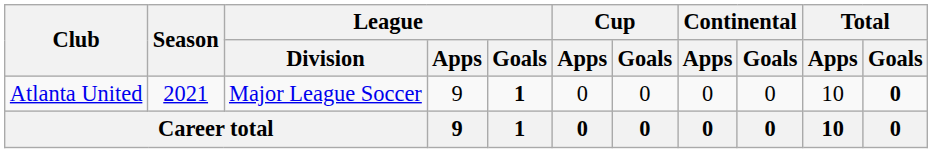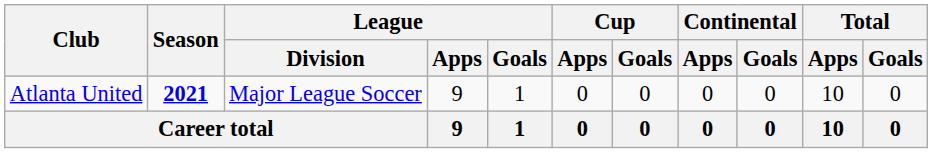 <table class=wikitable style=text-align:center>
 <tr>
 <th rowspan=2>Club</th>
 <th rowspan=2>Season</th>
 <th colspan=3>League</th>
 <th colspan=2>Cup</th>
 <th colspan=2>Continental</th>
 <th colspan=2>Total</th>
 </tr>
 <tr>
 <th>Division</th>
 <th>Apps</th>
 <th>Goals</th>
 <th>Apps</th>
 <th>Goals</th>
 <th>Apps</th>
 <th>Goals</th>
 <th>Apps</th>
 <th>Goals</th>
 </tr>
 <tr>
 <td rowspan=1><a href='#'>Atlanta United</a></td>
-<td><a href='#'>2021</a></td>
+<td><strong><a href='#'>2021</a></strong></td>
 <td><a href='#'>Major League Soccer</a></td>
 <td>9</td>
-<td><strong>1</strong></td>
+<td>1</td>
 <td>0</td>
 <td>0</td>
 <td>0</td>
 <td>0</td>
 <td>10</td>
-<td><strong>0</strong></td>
+<td>0</td>
 </tr>
 <tr>
 <th colspan=3>Career total</th>
 <th>9</th>
 <th>1</th>
 <th>0</th>
 <th>0</th>
 <th>0</th>
 <th>0</th>
 <th>10</th>
 <th>0</th>
 </tr>
 </table>
